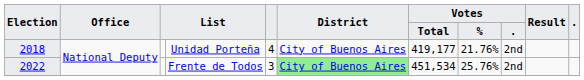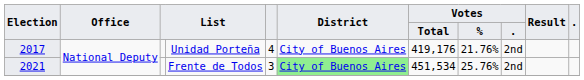 <table class="wikitable" style="font-size:90%; text-align:center;">
 <tr>
 <th style="background-color:#EAECF0;" rowspan=2>Election</th>
 <th style="background-color:#EAECF0;" rowspan=2>Office</th>
 <th style="background-color:#EAECF0;" colspan=2 rowspan=2>List</th>
 <th style="background-color:#EAECF0;" rowspan=2></th>
 <th style="background-color:#EAECF0;" rowspan=2>District</th>
 <th style="background-color:#EAECF0;" colspan=3>Votes</th>
 <th style="background-color:#EAECF0;" rowspan=2>Result</th>
 <th style="background-color:#EAECF0;" rowspan=2>.</th>
 </tr>
 <tr>
 <th style="background-color:#EAECF0;">Total</th>
 <th style="background-color:#EAECF0;">%</th>
 <th style="background-color:#EAECF0;">.</th>
 </tr>
 <tr>
-<td style="background-color:#EAECF0;"><a href='#'>2018</a></td>
+<td style="background-color:#EAECF0;"><a href='#'>2017</a></td>
 <td rowspan="2"><a href='#'>National Deputy</a></td>
 <td style="background-color:"></td>
 <td><a href='#'>Unidad Porteña</a></td>
 <td>4</td>
 <td><a href='#'>City of Buenos Aires</a></td>
-<td>419,177</td>
+<td>419,176</td>
 <td>21.76%</td>
 <td>2nd</td>
 <td></td>
 <td></td>
 </tr>
 <tr>
-<td style="background-color:#EAECF0;"><a href='#'>2022</a></td>
+<td style="background-color:#EAECF0;"><a href='#'>2021</a></td>
 <td style="background-color:"></td>
 <td><a href='#'>Frente de Todos</a></td>
 <td>3</td>
 <td style="background: lightgreen;"><a href='#'>City of Buenos Aires</a></td>
 <td>451,534</td>
 <td>25.76%</td>
 <td>2nd</td>
 <td></td>
 <td></td>
 </tr>
 <tr>
 </tr>
 </table>
